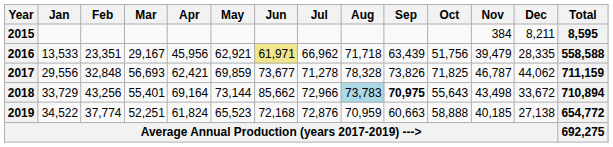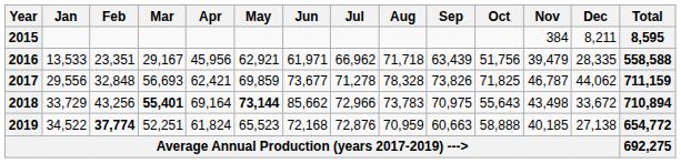 <table class=wikitable style="text-align:right; font-size:0.8em; width:650px;">
 <tr>
 <th>Year</th>
 <th>Jan</th>
 <th>Feb</th>
 <th>Mar</th>
 <th>Apr</th>
 <th>May</th>
 <th>Jun</th>
 <th>Jul</th>
 <th>Aug</th>
 <th>Sep</th>
 <th>Oct</th>
 <th>Nov</th>
 <th>Dec</th>
 <th>Total</th>
 </tr>
 <tr>
 <th>2015</th>
 <td></td>
 <td></td>
 <td></td>
 <td></td>
 <td></td>
 <td></td>
 <td></td>
 <td></td>
 <td></td>
 <td></td>
 <td>384</td>
 <td>8,211</td>
 <th>8,595</th>
 </tr>
 <tr>
 <th>2016</th>
 <td>13,533</td>
 <td>23,351</td>
 <td>29,167</td>
 <td>45,956</td>
 <td>62,921</td>
-<td style="background: khaki;">61,971</td>
+<td>61,971</td>
 <td>66,962</td>
 <td>71,718</td>
 <td>63,439</td>
 <td>51,756</td>
 <td>39,479</td>
 <td>28,335</td>
 <th>558,588</th>
 </tr>
 <tr>
 <th>2017</th>
 <td>29,556</td>
 <td>32,848</td>
 <td>56,693</td>
 <td>62,421</td>
 <td>69,859</td>
 <td>73,677</td>
 <td>71,278</td>
 <td>78,328</td>
 <td>73,826</td>
 <td>71,825</td>
 <td>46,787</td>
 <td>44,062</td>
 <th>711,159</th>
 </tr>
 <tr>
 <th>2018</th>
 <td>33,729</td>
 <td>43,256</td>
-<td>55,401</td>
+<td><strong>55,401</strong></td>
 <td>69,164</td>
-<td>73,144</td>
+<td><strong>73,144</strong></td>
 <td>85,662</td>
 <td>72,966</td>
-<td style="background: lightblue;">73,783</td>
-<td><strong>70,975</strong></td>
+<td>73,783</td>
+<td>70,975</td>
 <td>55,643</td>
 <td>43,498</td>
 <td>33,672</td>
 <th>710,894</th>
 </tr>
 <tr>
 <th>2019</th>
 <td>34,522</td>
-<td>37,774</td>
+<td><strong>37,774</strong></td>
 <td>52,251</td>
 <td>61,824</td>
 <td>65,523</td>
 <td>72,168</td>
 <td>72,876</td>
 <td>70,959</td>
 <td>60,663</td>
 <td>58,888</td>
 <td>40,185</td>
 <td>27,138</td>
 <th>654,772</th>
 </tr>
 <tr>
 <th colspan=13>Average Annual Production (years 2017-2019) ---></th>
 <th>692,275</th>
 </tr>
 </table>
